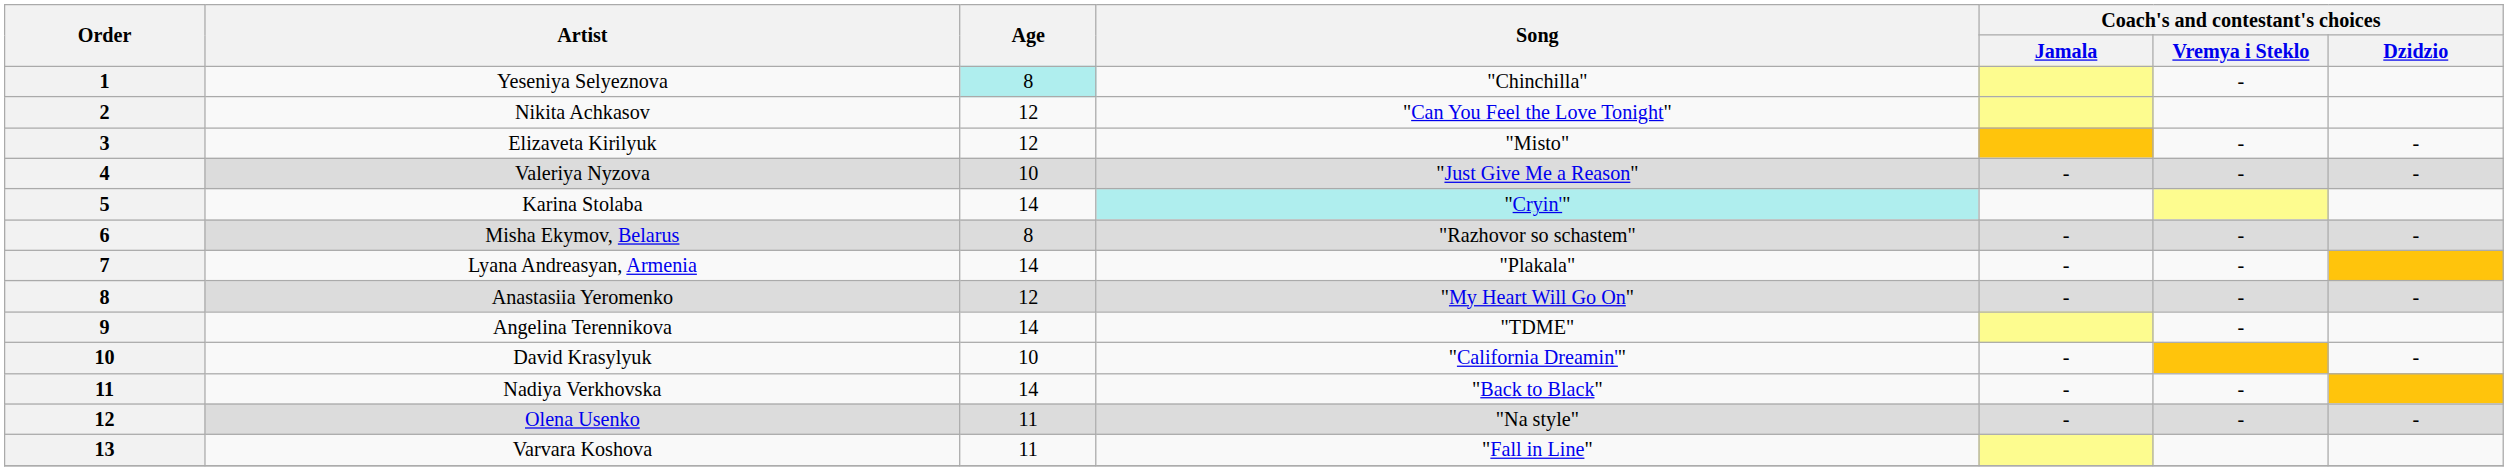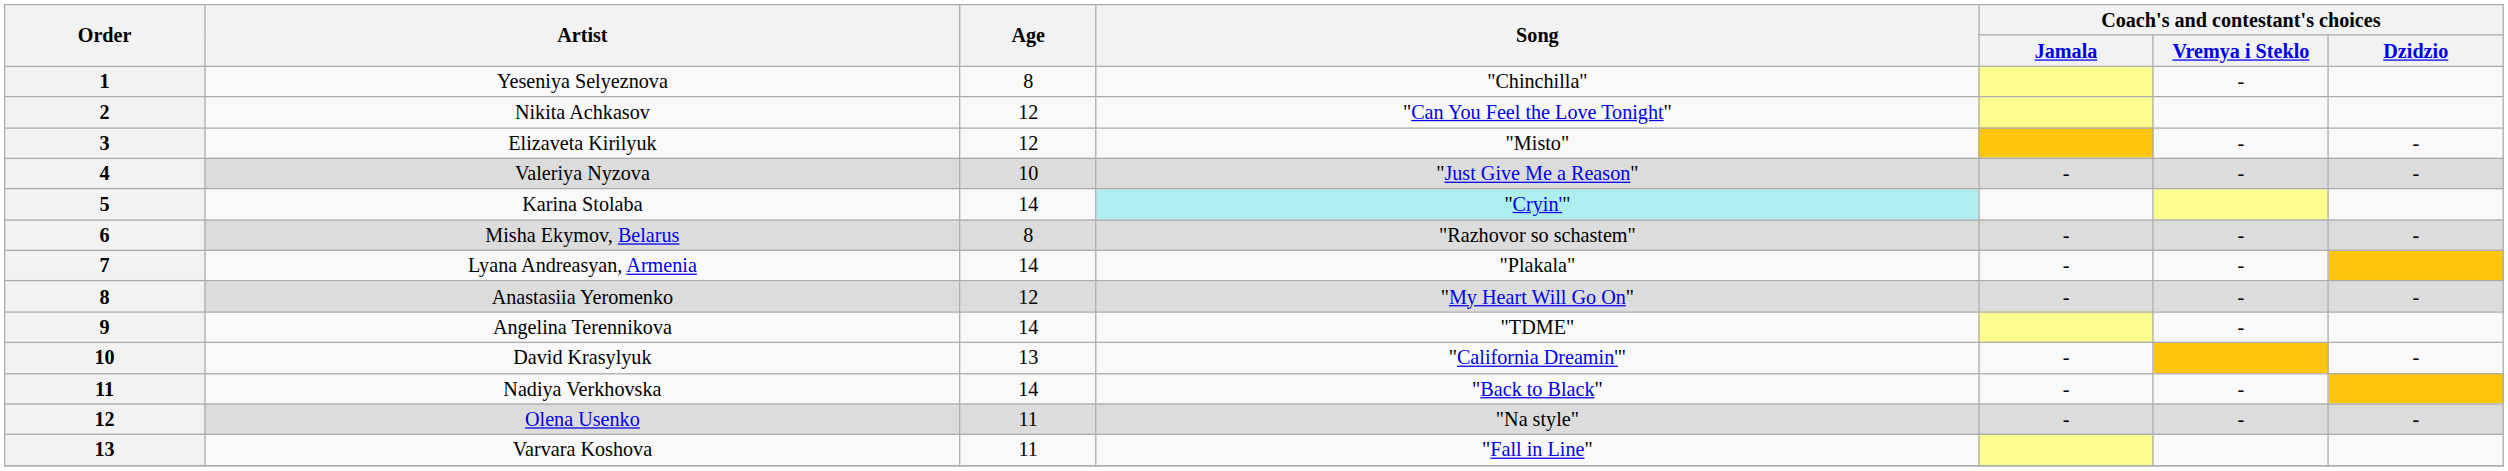 <table class="wikitable" style="text-align:center; line-height:17px; width:100%;">
 <tr>
 <th scope="col" rowspan="2" style="width=05%;">Order</th>
 <th scope="col" rowspan="2" style="width=20%;">Artist</th>
 <th scope="col" rowspan="2" style="width=05%;">Age</th>
 <th scope="col" rowspan="2" style="width=22%;">Song</th>
 <th scope="col" colspan="4" style="width=28%;">Coach's and contestant's choices</th>
 </tr>
 <tr>
 <th width="07%"><a href='#'>Jamala</a></th>
 <th width="07%"><a href='#'>Vremya i Steklo</a></th>
 <th width="07%"><a href='#'>Dzidzio</a></th>
 </tr>
 <tr id="3_1">
 <th>1</th>
 <td>Yeseniya Selyeznova</td>
-<td style="background: paleturquoise;">8</td>
+<td>8</td>
 <td>"Chinchilla"</td>
 <td style="background:#fdfc8f;"><strong></strong></td>
 <td>-</td>
 <td><strong></strong></td>
 </tr>
 <tr id="3_2">
 <th>2</th>
 <td>Nikita Achkasov</td>
 <td>12</td>
 <td>"<a href='#'>Can You Feel the Love Tonight</a>"</td>
 <td style="background:#fdfc8f;"><strong></strong></td>
 <td><strong></strong></td>
 <td><strong></strong></td>
 </tr>
 <tr id="3_3">
 <th>3</th>
 <td>Elizaveta Kirilyuk</td>
 <td>12</td>
 <td>"Misto"</td>
 <td style="background:#ffc40c;"><strong></strong></td>
 <td>-</td>
 <td>-</td>
 </tr>
 <tr style="background:#DCDCDC;">
 <th>4</th>
 <td>Valeriya Nyzova</td>
 <td>10</td>
 <td>"<a href='#'>Just Give Me a Reason</a>"</td>
 <td>-</td>
 <td>-</td>
 <td>-</td>
 </tr>
 <tr id="3_5">
 <th>5</th>
 <td>Karina Stolaba</td>
 <td>14</td>
 <td style="background: paleturquoise;">"<a href='#'>Cryin'</a>"</td>
 <td><strong></strong></td>
 <td style="background:#fdfc8f;"><strong></strong></td>
 <td><strong></strong></td>
 </tr>
 <tr style="background:#DCDCDC;">
 <th>6</th>
 <td>Misha Ekymov, <a href='#'>Belarus</a></td>
 <td>8</td>
 <td>"Razhovor so schastem"</td>
 <td>-</td>
 <td>-</td>
 <td>-</td>
 </tr>
 <tr id="3_7">
 <th>7</th>
 <td>Lyana Andreasyan, <a href='#'>Armenia</a></td>
 <td>14</td>
 <td>"Plakala"</td>
 <td>-</td>
 <td>-</td>
 <td style="background:#ffc40c;"><strong></strong></td>
 </tr>
 <tr style="background:#DCDCDC;">
 <th>8</th>
 <td>Anastasiia Yeromenko</td>
 <td>12</td>
 <td>"<a href='#'>My Heart Will Go On</a>"</td>
 <td>-</td>
 <td>-</td>
 <td>-</td>
 </tr>
 <tr id="3_9">
 <th>9</th>
 <td>Angelina Terennikova</td>
 <td>14</td>
 <td>"TDME"</td>
 <td style="background:#fdfc8f;"><strong></strong></td>
 <td>-</td>
 <td><strong></strong></td>
 </tr>
 <tr id="3_10">
 <th>10</th>
 <td>David Krasylyuk</td>
-<td>10</td>
+<td>13</td>
 <td>"<a href='#'>California Dreamin'</a>"</td>
 <td>-</td>
 <td style="background:#ffc40c;"><strong></strong></td>
 <td>-</td>
 </tr>
 <tr id="3_11">
 <th>11</th>
 <td>Nadiya Verkhovska</td>
 <td>14</td>
 <td>"<a href='#'>Back to Black</a>"</td>
 <td>-</td>
 <td>-</td>
 <td style="background:#ffc40c;"><strong></strong></td>
 </tr>
 <tr style="background:#DCDCDC;">
 <th>12</th>
 <td><a href='#'>Olena Usenko</a></td>
 <td>11</td>
 <td>"Na style"</td>
 <td>-</td>
 <td>-</td>
 <td>-</td>
 </tr>
 <tr id="3_13">
 <th>13</th>
 <td>Varvara Koshova</td>
 <td>11</td>
 <td>"<a href='#'>Fall in Line</a>"</td>
 <td style="background:#fdfc8f;"><strong></strong></td>
 <td><strong></strong></td>
 <td><strong></strong></td>
 </tr>
 <tr>
 </tr>
 </table>
